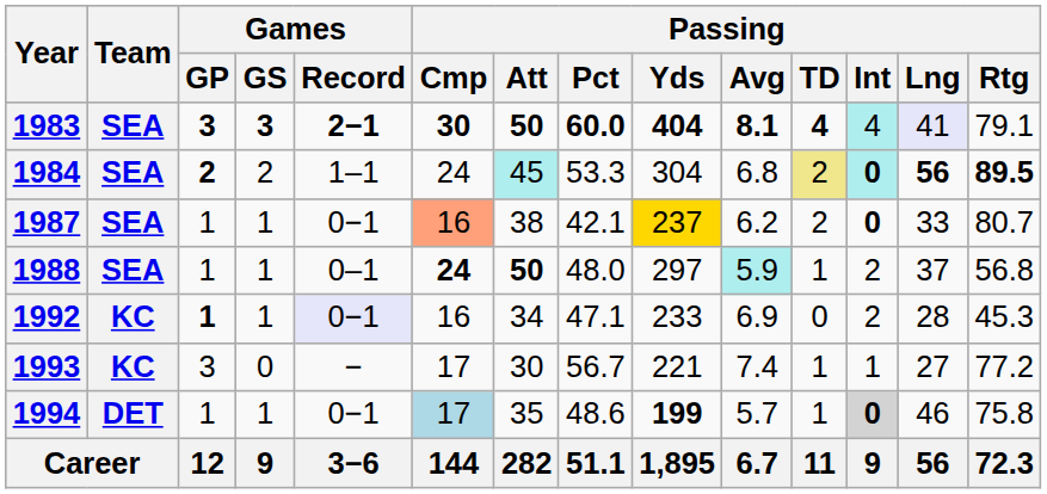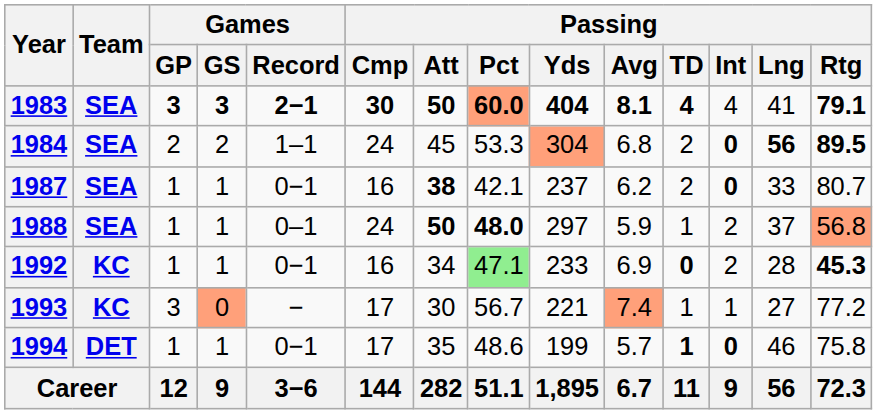 <table class="wikitable " style="text-align:center">
 <tr>
 <th rowspan="2">Year</th>
 <th rowspan="2">Team</th>
 <th colspan="3">Games</th>
 <th colspan="9">Passing</th>
 </tr>
 <tr>
 <th>GP</th>
 <th>GS</th>
 <th>Record</th>
 <th>Cmp</th>
 <th>Att</th>
 <th>Pct</th>
 <th>Yds</th>
 <th>Avg</th>
 <th>TD</th>
 <th>Int</th>
 <th>Lng</th>
 <th>Rtg</th>
 </tr>
 <tr>
 <th><a href='#'>1983</a></th>
 <th><a href='#'>SEA</a></th>
 <td><strong>3</strong></td>
 <td><strong>3</strong></td>
 <td><strong>2−1</strong></td>
 <td><strong>30</strong></td>
 <td><strong>50</strong></td>
-<td><strong>60.0</strong></td>
+<td style="background: lightsalmon;"><strong>60.0</strong></td>
 <td><strong>404</strong></td>
 <td><strong>8.1</strong></td>
 <td><strong>4</strong></td>
-<td style="background: paleturquoise;">4</td>
-<td style="background: lavender;">41</td>
-<td>79.1</td>
+<td>4</td>
+<td>41</td>
+<td><strong>79.1</strong></td>
 </tr>
 <tr>
 <th><a href='#'>1984</a></th>
 <th><a href='#'>SEA</a></th>
-<td><strong>2</strong></td>
+<td>2</td>
 <td>2</td>
 <td>1–1</td>
 <td>24</td>
-<td style="background: paleturquoise;">45</td>
+<td>45</td>
 <td>53.3</td>
-<td>304</td>
+<td style="background: lightsalmon;">304</td>
 <td>6.8</td>
-<td style="background: khaki;">2</td>
-<td style="background: paleturquoise;"><strong>0</strong></td>
+<td>2</td>
+<td><strong>0</strong></td>
 <td><strong>56</strong></td>
 <td><strong>89.5</strong></td>
 </tr>
 <tr>
 <th><a href='#'>1987</a></th>
 <th><a href='#'>SEA</a></th>
 <td>1</td>
 <td>1</td>
 <td>0−1</td>
-<td style="background: lightsalmon;">16</td>
-<td>38</td>
+<td>16</td>
+<td><strong>38</strong></td>
 <td>42.1</td>
-<td style="background: gold;">237</td>
+<td>237</td>
 <td>6.2</td>
 <td>2</td>
 <td><strong>0</strong></td>
 <td>33</td>
 <td>80.7</td>
 </tr>
 <tr>
 <th><a href='#'>1988</a></th>
 <th><a href='#'>SEA</a></th>
 <td>1</td>
 <td>1</td>
 <td>0–1</td>
-<td><strong>24</strong></td>
+<td>24</td>
 <td><strong>50</strong></td>
-<td>48.0</td>
+<td><strong>48.0</strong></td>
 <td>297</td>
-<td style="background: paleturquoise;">5.9</td>
+<td>5.9</td>
 <td>1</td>
 <td>2</td>
 <td>37</td>
-<td>56.8</td>
+<td style="background: lightsalmon;">56.8</td>
 </tr>
 <tr>
 <th><a href='#'>1992</a></th>
 <th><a href='#'>KC</a></th>
-<td><strong>1</strong></td>
 <td>1</td>
-<td style="background: lavender;">0−1</td>
+<td>1</td>
+<td>0−1</td>
 <td>16</td>
 <td>34</td>
-<td>47.1</td>
+<td style="background: lightgreen;">47.1</td>
 <td>233</td>
 <td>6.9</td>
-<td>0</td>
+<td><strong>0</strong></td>
 <td>2</td>
 <td>28</td>
-<td>45.3</td>
+<td><strong>45.3</strong></td>
 </tr>
 <tr>
 <th><a href='#'>1993</a></th>
 <th><a href='#'>KC</a></th>
 <td>3</td>
-<td>0</td>
+<td style="background: lightsalmon;">0</td>
 <td>−</td>
 <td>17</td>
 <td>30</td>
 <td>56.7</td>
 <td>221</td>
-<td>7.4</td>
+<td style="background: lightsalmon;">7.4</td>
 <td>1</td>
 <td>1</td>
 <td>27</td>
 <td>77.2</td>
 </tr>
 <tr>
 <th><a href='#'>1994</a></th>
 <th><a href='#'>DET</a></th>
 <td>1</td>
 <td>1</td>
 <td>0−1</td>
-<td style="background: lightblue;">17</td>
+<td>17</td>
 <td>35</td>
 <td>48.6</td>
-<td><strong>199</strong></td>
+<td>199</td>
 <td>5.7</td>
-<td>1</td>
-<td style="background: lightgrey;"><strong>0</strong></td>
+<td><strong>1</strong></td>
+<td><strong>0</strong></td>
 <td>46</td>
 <td>75.8</td>
 </tr>
 <tr>
 <th colspan="2">Career</th>
 <th>12</th>
 <th>9</th>
 <th>3−6</th>
 <th>144</th>
 <th>282</th>
 <th>51.1</th>
 <th>1,895</th>
 <th>6.7</th>
 <th>11</th>
 <th>9</th>
 <th>56</th>
 <th>72.3</th>
 </tr>
 </table>
